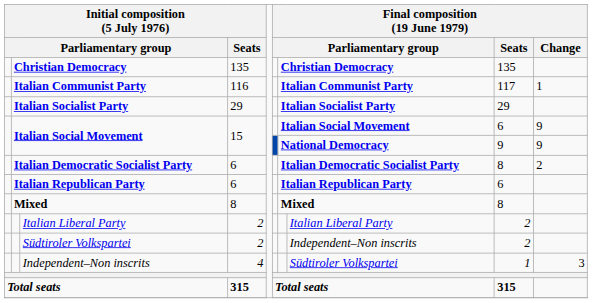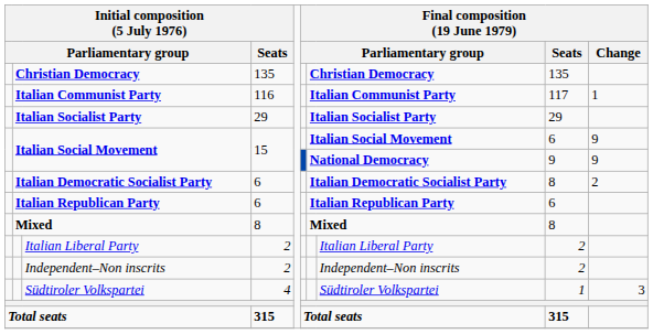 <table class="wikitable" style="width : 60%;">
 <tr>
 <th colspan="4">Initial composition<br>(5 July 1976)</th>
 <td rowspan="30" style="width : 1%;"></td>
 <th colspan="5">Final composition<br>(19 June 1979)</th>
 </tr>
 <tr>
 <th colspan="3">Parliamentary group</th>
 <th>Seats</th>
 <th colspan="3">Parliamentary group</th>
 <th>Seats</th>
 <th>Change</th>
 </tr>
 <tr>
 <td></td>
 <td colspan = "2"><strong><a href='#'>Christian Democracy</a></strong></td>
 <td>135</td>
 <td></td>
 <td colspan = "2"><strong><a href='#'>Christian Democracy</a></strong></td>
 <td>135</td>
 <td></td>
 </tr>
 <tr>
 <td></td>
 <td colspan = "2"><strong><a href='#'>Italian Communist Party</a></strong></td>
 <td>116</td>
 <td></td>
 <td colspan = "2"><strong><a href='#'>Italian Communist Party</a></strong></td>
 <td>117</td>
 <td> 1</td>
 </tr>
 <tr>
 <td></td>
 <td colspan = "2"><strong><a href='#'>Italian Socialist Party</a></strong></td>
 <td>29</td>
 <td></td>
 <td colspan = "2"><strong><a href='#'>Italian Socialist Party</a></strong></td>
 <td>29</td>
 <td></td>
 </tr>
 <tr>
 <td rowspan=2></td>
 <td rowspan=2 colspan = "2"><strong><a href='#'>Italian Social Movement</a></strong></td>
 <td rowspan=2>15</td>
 <td></td>
 <td colspan = "2"><strong><a href='#'>Italian Social Movement</a></strong></td>
 <td>6</td>
 <td> 9</td>
 </tr>
 <tr>
 <td bgcolor="#0045AA" width=1%></td>
 <td colspan = "2"><strong><a href='#'>National Democracy</a></strong></td>
 <td>9</td>
 <td> 9</td>
 </tr>
 <tr>
 <td></td>
 <td colspan = "2"><strong><a href='#'>Italian Democratic Socialist Party</a></strong></td>
 <td>6</td>
 <td></td>
 <td colspan = "2"><strong><a href='#'>Italian Democratic Socialist Party</a></strong></td>
 <td>8</td>
 <td> 2</td>
 </tr>
 <tr>
 <td></td>
 <td colspan="2"><strong><a href='#'>Italian Republican Party</a></strong></td>
 <td>6</td>
 <td></td>
 <td colspan="2"><strong><a href='#'>Italian Republican Party</a></strong></td>
 <td>6</td>
 <td></td>
 </tr>
 <tr>
 <td></td>
 <td colspan = "2"><strong>Mixed</strong></td>
 <td>8</td>
 <td></td>
 <td colspan = "2"><strong>Mixed</strong></td>
 <td>8</td>
 <td></td>
 </tr>
 <tr>
 <td></td>
 <td></td>
 <td><em><a href='#'>Italian Liberal Party</a></em></td>
 <td align="right"><em>2</em></td>
 <td></td>
 <td></td>
 <td><em><a href='#'>Italian Liberal Party</a></em></td>
 <td align="right"><em>2</em></td>
 <td align="right"></td>
 </tr>
 <tr>
 <td></td>
 <td></td>
-<td><em><a href='#'>Südtiroler Volkspartei</a></em></td>
+<td><em>Independent–Non inscrits</em></td>
 <td align="right"><em>2</em></td>
 <td></td>
 <td></td>
 <td><em>Independent–Non inscrits</em></td>
 <td align="right"><em>2</em></td>
 <td align="right"></td>
 </tr>
 <tr>
 <td></td>
 <td></td>
-<td><em>Independent–Non inscrits</em></td>
+<td><em><a href='#'>Südtiroler Volkspartei</a></em></td>
 <td align="right"><em>4</em></td>
 <td></td>
 <td></td>
 <td><em><a href='#'>Südtiroler Volkspartei</a></em></td>
 <td align="right"><em>1</em></td>
 <td align="right"> 3</td>
 </tr>
 <tr>
 <th colspan="4"></th>
 <th colspan="5"></th>
 </tr>
 <tr>
 <td colspan="3"><strong><em>Total seats</em></strong></td>
 <td><strong>315</strong></td>
 <td colspan="3"><strong><em>Total seats</em></strong></td>
 <td><strong>315</strong></td>
 <td></td>
 </tr>
 <tr>
 </tr>
 </table>
